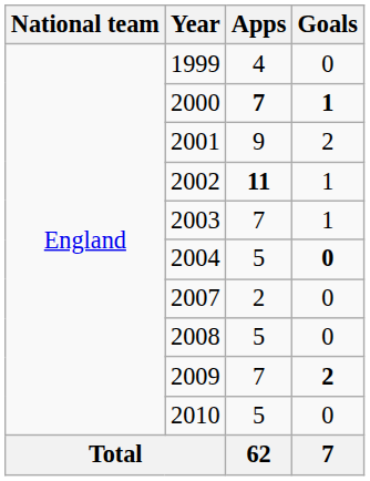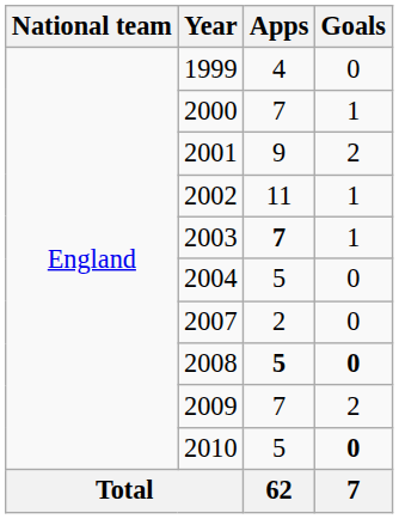 <table class=wikitable style=text-align:center>
 <tr>
 <th>National team</th>
 <th>Year</th>
 <th>Apps</th>
 <th>Goals</th>
 </tr>
 <tr>
 <td rowspan=10><a href='#'>England</a></td>
 <td>1999</td>
 <td>4</td>
 <td>0</td>
 </tr>
 <tr>
 <td>2000</td>
-<td><strong>7</strong></td>
-<td><strong>1</strong></td>
+<td>7</td>
+<td>1</td>
 </tr>
 <tr>
 <td>2001</td>
 <td>9</td>
 <td>2</td>
 </tr>
 <tr>
 <td>2002</td>
-<td><strong>11</strong></td>
+<td>11</td>
 <td>1</td>
 </tr>
 <tr>
 <td>2003</td>
-<td>7</td>
+<td><strong>7</strong></td>
 <td>1</td>
 </tr>
 <tr>
 <td>2004</td>
 <td>5</td>
-<td><strong>0</strong></td>
+<td>0</td>
 </tr>
 <tr>
 <td>2007</td>
 <td>2</td>
 <td>0</td>
 </tr>
 <tr>
 <td>2008</td>
-<td>5</td>
-<td>0</td>
+<td><strong>5</strong></td>
+<td><strong>0</strong></td>
 </tr>
 <tr>
 <td>2009</td>
 <td>7</td>
-<td><strong>2</strong></td>
+<td>2</td>
 </tr>
 <tr>
 <td>2010</td>
 <td>5</td>
-<td>0</td>
+<td><strong>0</strong></td>
 </tr>
 <tr>
 <th colspan=2>Total</th>
 <th>62</th>
 <th>7</th>
 </tr>
 </table>
